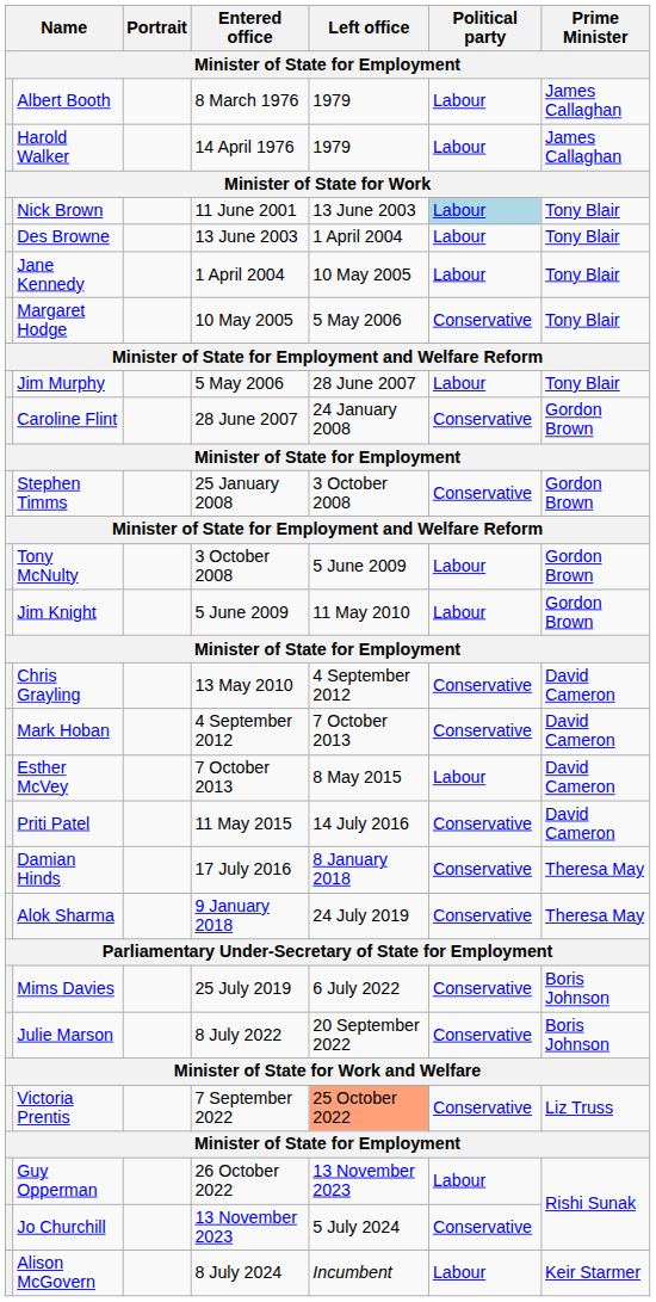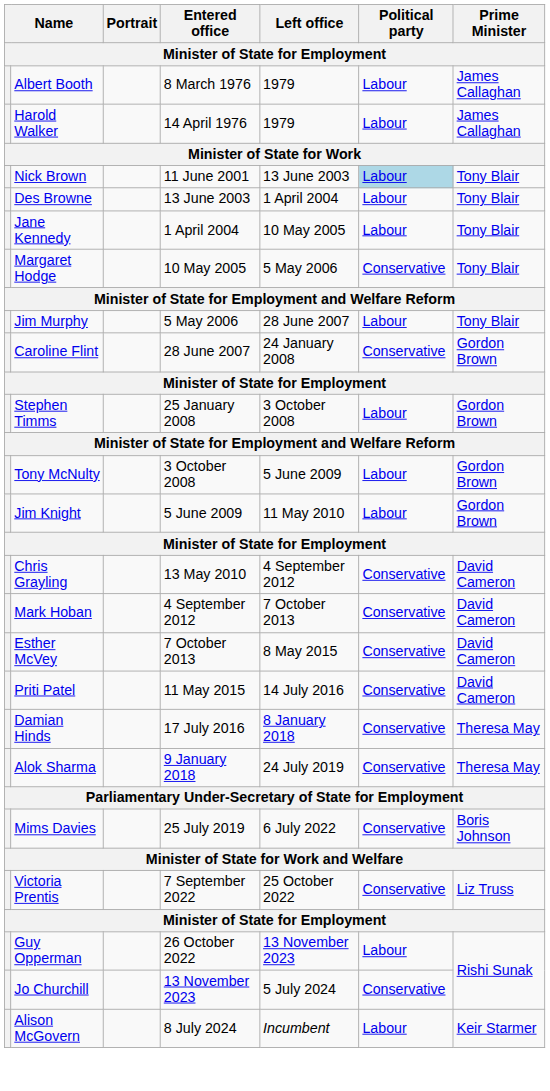 <table class="wikitable">
 <tr>
 <th colspan=2>Name</th>
 <th>Portrait</th>
 <th>Entered office</th>
 <th>Left office</th>
 <th>Political party</th>
 <th>Prime Minister</th>
 </tr>
 <tr>
 <th colspan="7">Minister of State for Employment</th>
 </tr>
 <tr>
 <th style="background-color: "></th>
 <td><a href='#'>Albert Booth</a></td>
 <td></td>
 <td>8 March 1976</td>
 <td>1979</td>
 <td><a href='#'>Labour</a></td>
 <td><a href='#'>James Callaghan</a></td>
 </tr>
 <tr>
 <th style="background-color: "></th>
 <td><a href='#'>Harold Walker</a></td>
 <td></td>
 <td>14 April 1976</td>
 <td>1979</td>
 <td><a href='#'>Labour</a></td>
 <td><a href='#'>James Callaghan</a></td>
 </tr>
 <tr>
 <th colspan=7>Minister of State for Work</th>
 </tr>
 <tr>
 <th style="background-color: "></th>
 <td><a href='#'>Nick Brown</a></td>
 <td></td>
 <td>11 June 2001</td>
 <td>13 June 2003</td>
 <td style="background: lightblue;"><a href='#'>Labour</a></td>
 <td><a href='#'>Tony Blair</a></td>
 </tr>
 <tr>
 <th style="background-color: "></th>
 <td><a href='#'>Des Browne</a></td>
 <td></td>
 <td>13 June 2003</td>
 <td>1 April 2004</td>
 <td><a href='#'>Labour</a></td>
 <td><a href='#'>Tony Blair</a></td>
 </tr>
 <tr>
 <th style="background-color: "></th>
 <td><a href='#'>Jane Kennedy</a></td>
 <td></td>
 <td>1 April 2004</td>
 <td>10 May 2005</td>
 <td><a href='#'>Labour</a></td>
 <td><a href='#'>Tony Blair</a></td>
 </tr>
 <tr>
 <th style="background-color: "></th>
 <td><a href='#'>Margaret Hodge</a></td>
 <td></td>
 <td>10 May 2005</td>
 <td>5 May 2006</td>
 <td><a href='#'>Conservative</a></td>
 <td><a href='#'>Tony Blair</a></td>
 </tr>
 <tr>
 <th colspan=7>Minister of State for Employment and Welfare Reform</th>
 </tr>
 <tr>
 <th style="background-color: "></th>
 <td><a href='#'>Jim Murphy</a></td>
 <td></td>
 <td>5 May 2006</td>
 <td>28 June 2007</td>
 <td><a href='#'>Labour</a></td>
 <td><a href='#'>Tony Blair</a></td>
 </tr>
 <tr>
 <th style="background-color: "></th>
 <td><a href='#'>Caroline Flint</a></td>
 <td></td>
 <td>28 June 2007</td>
 <td>24 January 2008</td>
 <td><a href='#'>Conservative</a></td>
 <td><a href='#'>Gordon Brown</a></td>
 </tr>
 <tr>
 <th colspan=7>Minister of State for Employment</th>
 </tr>
 <tr>
 <th style="background-color: "></th>
 <td><a href='#'>Stephen Timms</a></td>
 <td></td>
 <td>25 January 2008</td>
 <td>3 October 2008</td>
-<td><a href='#'>Conservative</a></td>
+<td><a href='#'>Labour</a></td>
 <td><a href='#'>Gordon Brown</a></td>
 </tr>
 <tr>
 <th colspan=7>Minister of State for Employment and Welfare Reform</th>
 </tr>
 <tr>
 <th style="background-color: "></th>
 <td><a href='#'>Tony McNulty</a></td>
 <td></td>
 <td>3 October 2008</td>
 <td>5 June 2009</td>
 <td><a href='#'>Labour</a></td>
 <td><a href='#'>Gordon Brown</a></td>
 </tr>
 <tr>
 <th style="background-color: "></th>
 <td><a href='#'>Jim Knight</a></td>
 <td></td>
 <td>5 June 2009</td>
 <td>11 May 2010</td>
 <td><a href='#'>Labour</a></td>
 <td><a href='#'>Gordon Brown</a></td>
 </tr>
 <tr>
 <th colspan=7>Minister of State for Employment</th>
 </tr>
 <tr>
 <th style="background-color: "></th>
 <td><a href='#'>Chris Grayling</a></td>
 <td></td>
 <td>13 May 2010</td>
 <td>4 September 2012</td>
 <td><a href='#'>Conservative</a></td>
 <td><a href='#'>David Cameron</a></td>
 </tr>
 <tr>
 <th style="background-color: "></th>
 <td><a href='#'>Mark Hoban</a></td>
 <td></td>
 <td>4 September 2012</td>
 <td>7 October 2013</td>
 <td><a href='#'>Conservative</a></td>
 <td><a href='#'>David Cameron</a></td>
 </tr>
 <tr>
 <th style="background-color: "></th>
 <td><a href='#'>Esther McVey</a></td>
 <td></td>
 <td>7 October 2013</td>
 <td>8 May 2015</td>
-<td><a href='#'>Labour</a></td>
+<td><a href='#'>Conservative</a></td>
 <td><a href='#'>David Cameron</a></td>
 </tr>
 <tr>
 <th style="background-color: "></th>
 <td><a href='#'>Priti Patel</a></td>
 <td></td>
 <td>11 May 2015</td>
 <td>14 July 2016</td>
 <td><a href='#'>Conservative</a></td>
 <td><a href='#'>David Cameron</a></td>
 </tr>
 <tr>
 <th style="background-color: "></th>
 <td><a href='#'>Damian Hinds</a></td>
 <td></td>
 <td>17 July 2016</td>
 <td><a href='#'>8 January 2018</a></td>
 <td><a href='#'>Conservative</a></td>
 <td><a href='#'>Theresa May</a></td>
 </tr>
 <tr>
 <th style="background-color: "></th>
 <td><a href='#'>Alok Sharma</a></td>
 <td></td>
 <td><a href='#'>9 January 2018</a></td>
 <td>24 July 2019</td>
 <td><a href='#'>Conservative</a></td>
 <td><a href='#'>Theresa May</a></td>
 </tr>
 <tr>
 <th colspan=7>Parliamentary Under-Secretary of State for Employment</th>
 </tr>
 <tr>
 <th style="background-color: "></th>
 <td><a href='#'>Mims Davies</a></td>
 <td></td>
 <td>25 July 2019</td>
 <td>6 July 2022</td>
 <td><a href='#'>Conservative</a></td>
 <td><a href='#'>Boris Johnson</a></td>
 </tr>
 <tr>
-<th style="background-color: "></th>
-<td><a href='#'>Julie Marson</a></td>
-<td></td>
-<td>8 July 2022</td>
-<td>20 September 2022</td>
-<td><a href='#'>Conservative</a></td>
-<td><a href='#'>Boris Johnson</a></td>
-</tr>
-<tr>
 <th colspan=7>Minister of State for Work and Welfare</th>
 </tr>
 <tr>
 <th style="background-color: "></th>
 <td><a href='#'>Victoria Prentis</a></td>
 <td></td>
 <td>7 September 2022</td>
-<td style="background: lightsalmon;">25 October 2022</td>
+<td>25 October 2022</td>
 <td><a href='#'>Conservative</a></td>
 <td><a href='#'>Liz Truss</a></td>
 </tr>
 <tr>
 <th colspan=7>Minister of State for Employment</th>
 </tr>
 <tr>
 <th style="background-color: "></th>
 <td><a href='#'>Guy Opperman</a></td>
 <td></td>
 <td>26 October 2022</td>
 <td><a href='#'>13 November 2023</a></td>
 <td><a href='#'>Labour</a></td>
 <td rowspan=2><a href='#'>Rishi Sunak</a></td>
 </tr>
 <tr>
 <th style="background-color: "></th>
 <td><a href='#'>Jo Churchill</a></td>
 <td></td>
 <td><a href='#'>13 November 2023</a></td>
 <td>5 July 2024</td>
 <td><a href='#'>Conservative</a></td>
 </tr>
 <tr>
 <th style="background-color: "></th>
 <td><a href='#'>Alison McGovern</a></td>
 <td></td>
 <td>8 July 2024</td>
 <td><em>Incumbent</em></td>
 <td><a href='#'>Labour</a></td>
 <td><a href='#'>Keir Starmer</a></td>
 </tr>
 </table>
